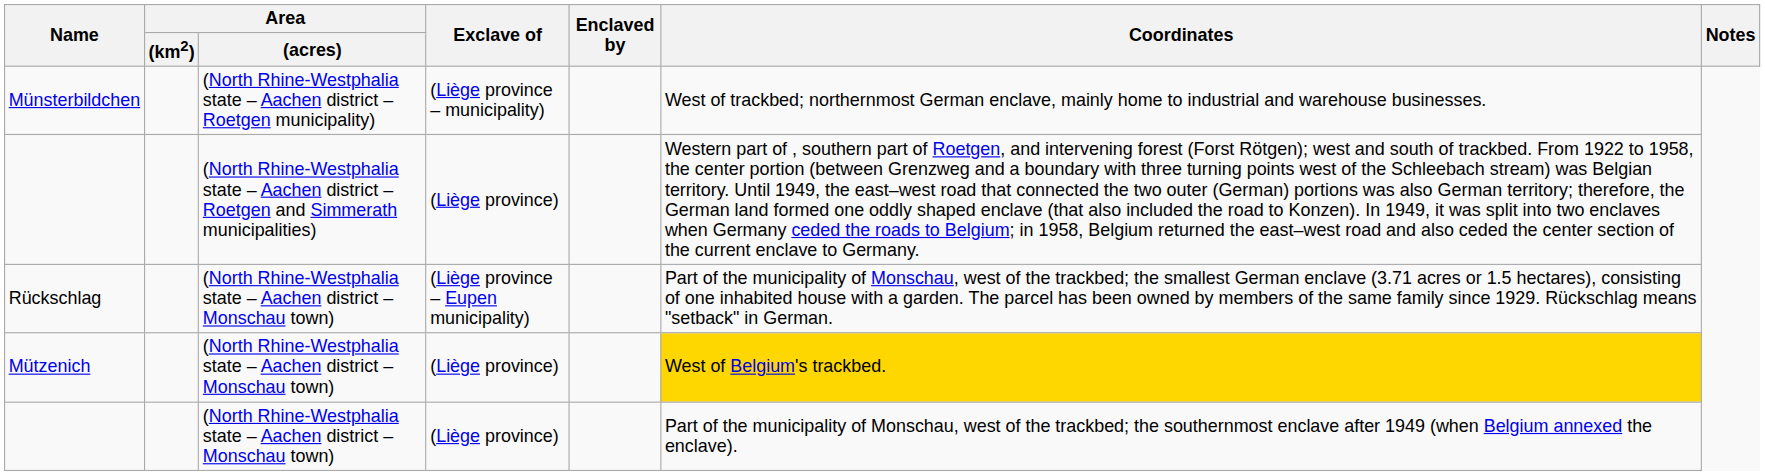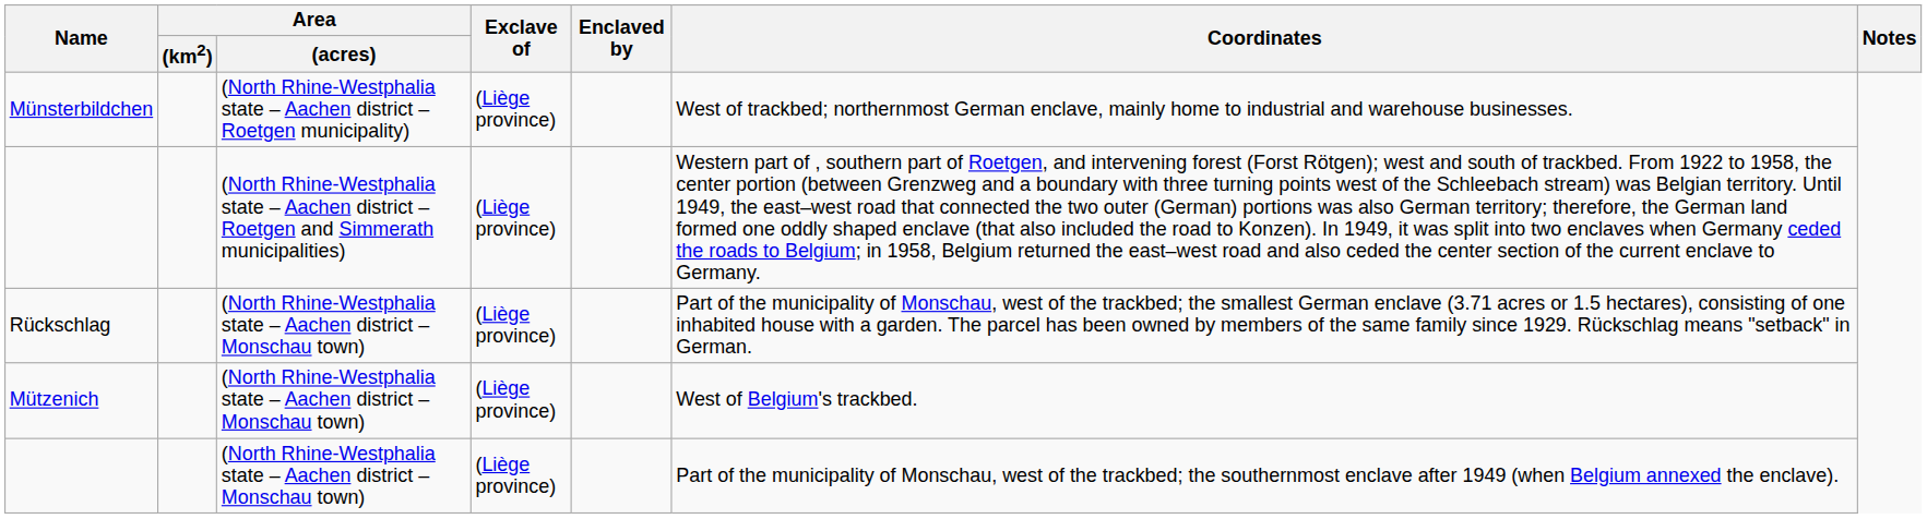 <table class="wikitable sortable" style="text-align:left; border:1px;; cellpadding:5; cellspacing:0;">
 <tr>
 <th rowspan=2>Name</th>
 <th colspan=2>Area</th>
 <th rowspan=2>Exclave of</th>
 <th rowspan=2>Enclaved by</th>
 <th rowspan=2>Coordinates</th>
 <th rowspan=2>Notes</th>
 </tr>
 <tr>
 <th data-sort-type="number">(km<sup>2</sup>)</th>
 <th>(acres)</th>
 </tr>
 <tr>
 <td><a href='#'>Münsterbildchen</a></td>
 <td></td>
 <td> (<a href='#'>North Rhine-Westphalia</a> state – <a href='#'>Aachen</a> district – <a href='#'>Roetgen</a> municipality)</td>
-<td> (<a href='#'>Liège</a> province –  municipality)</td>
+<td> (<a href='#'>Liège</a> province)</td>
 <td></td>
 <td>West of  trackbed; northernmost German enclave, mainly home to industrial and warehouse businesses.</td>
 </tr>
 <tr>
 <td></td>
 <td></td>
 <td> (<a href='#'>North Rhine-Westphalia</a> state – <a href='#'>Aachen</a> district – <a href='#'>Roetgen</a> and <a href='#'>Simmerath</a> municipalities)</td>
 <td> (<a href='#'>Liège</a> province)</td>
 <td></td>
 <td>Western part of , southern part of <a href='#'>Roetgen</a>, and intervening forest (Forst Rötgen); west and south of  trackbed. From 1922 to 1958, the center portion (between Grenzweg and a boundary with three turning points west of the Schleebach stream) was Belgian territory.  Until 1949, the east–west road that connected the two outer (German) portions was also German territory; therefore, the German land formed one oddly shaped enclave (that also included the road to Konzen).  In 1949, it was split into two enclaves when Germany <a href='#'>ceded the roads to Belgium</a>; in 1958, Belgium returned the east–west road and also ceded the center section of the current enclave to Germany.</td>
 </tr>
 <tr>
 <td>Rückschlag</td>
 <td></td>
 <td> (<a href='#'>North Rhine-Westphalia</a> state – <a href='#'>Aachen</a> district – <a href='#'>Monschau</a> town)</td>
-<td> (<a href='#'>Liège</a> province – <a href='#'>Eupen</a> municipality)</td>
+<td> (<a href='#'>Liège</a> province)</td>
 <td></td>
 <td>Part of the municipality of <a href='#'>Monschau</a>, west of the  trackbed; the smallest German enclave (3.71 acres or 1.5 hectares), consisting of one inhabited house with a garden.  The parcel has been owned by members of the same family since 1929. Rückschlag means "setback" in German.</td>
 </tr>
 <tr>
 <td><a href='#'>Mützenich</a></td>
 <td></td>
 <td> (<a href='#'>North Rhine-Westphalia</a> state – <a href='#'>Aachen</a> district – <a href='#'>Monschau</a> town)</td>
 <td> (<a href='#'>Liège</a> province)</td>
 <td></td>
-<td style="background: gold;">West of <a href='#'>Belgium</a>'s  trackbed.</td>
+<td>West of <a href='#'>Belgium</a>'s  trackbed.</td>
 </tr>
 <tr>
 <td></td>
 <td></td>
 <td> (<a href='#'>North Rhine-Westphalia</a> state – <a href='#'>Aachen</a> district – <a href='#'>Monschau</a> town)</td>
 <td> (<a href='#'>Liège</a> province)</td>
 <td></td>
 <td>Part of the municipality of Monschau, west of the  trackbed; the southernmost  enclave after 1949 (when <a href='#'>Belgium annexed</a> the  enclave).</td>
 </tr>
 </table>
